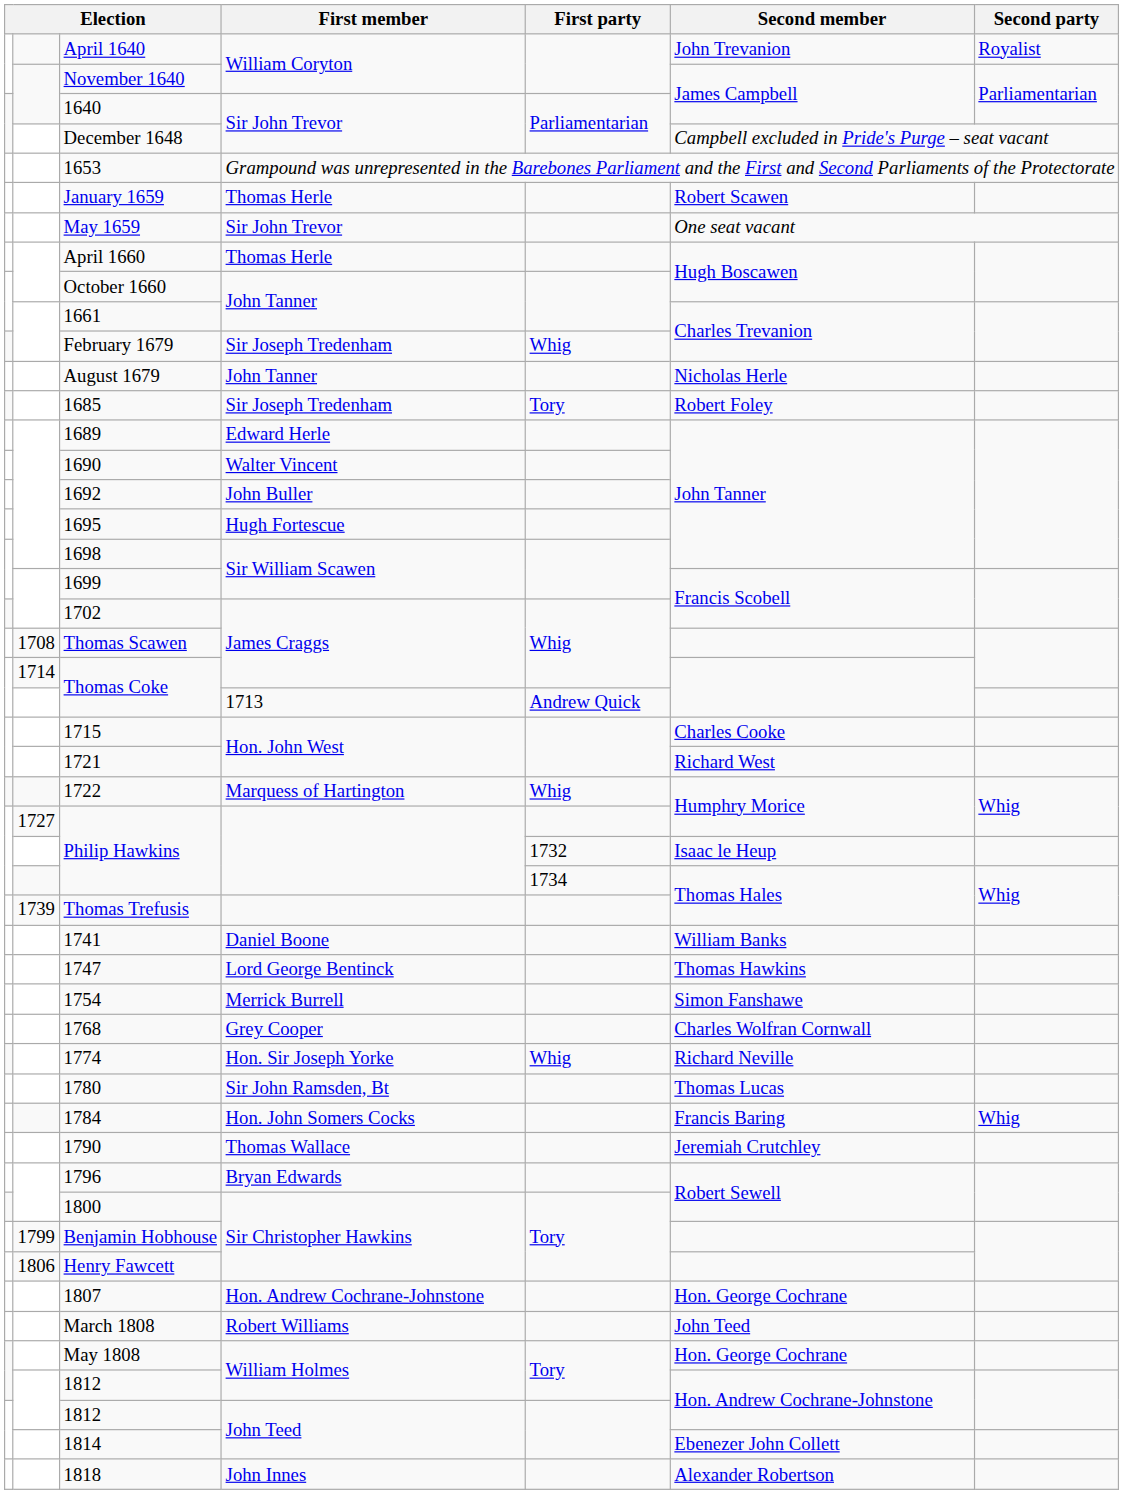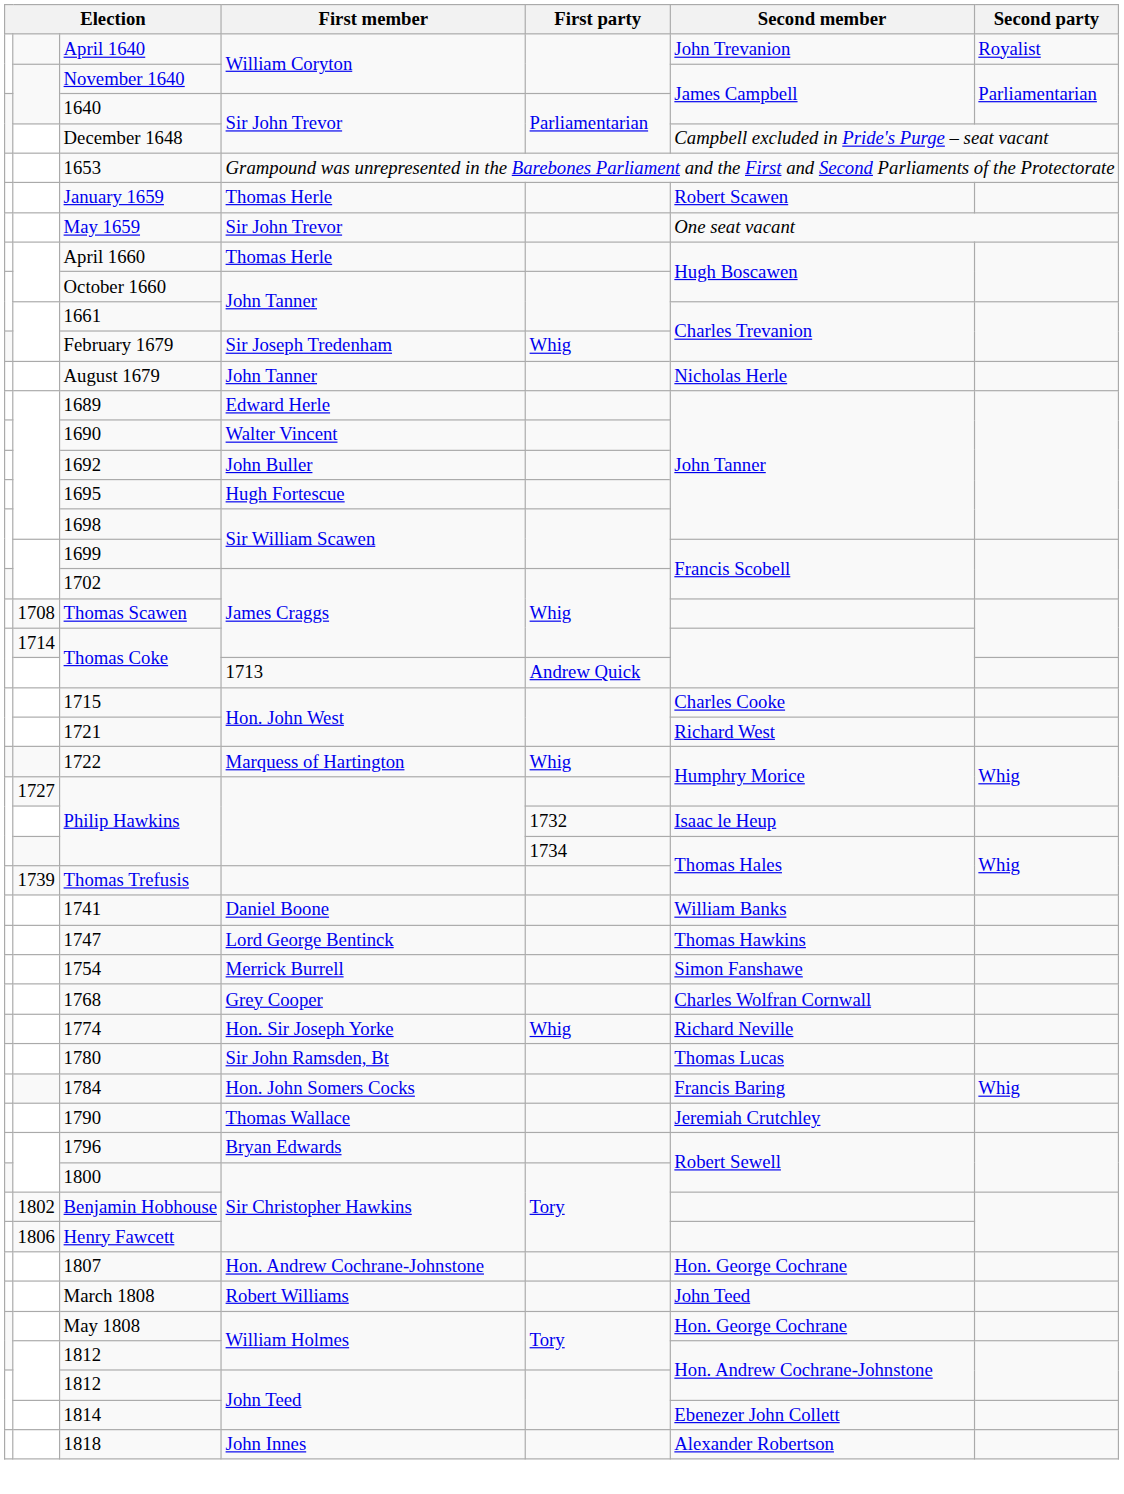 <table class="wikitable">
 <tr>
 <th colspan="3">Election</th>
 <th>First member</th>
 <th>First party</th>
 <th>Second member</th>
 <th>Second party</th>
 </tr>
 <tr>
 <td rowspan="2" style="color:inherit;background-color: white"></td>
 <td style="color:inherit;background-color: "></td>
 <td><a href='#'>April 1640</a></td>
 <td rowspan="2"><a href='#'>William Coryton</a></td>
 <td rowspan="2"></td>
 <td><a href='#'>John Trevanion</a></td>
 <td><a href='#'>Royalist</a></td>
 </tr>
 <tr>
 <td rowspan="2" style="color:inherit;background-color: "></td>
 <td><a href='#'>November 1640</a></td>
 <td rowspan="2"><a href='#'>James Campbell</a></td>
 <td rowspan="2"><a href='#'>Parliamentarian</a></td>
 </tr>
 <tr>
 <td rowspan="2" style="color:inherit;background-color: "></td>
 <td>1640</td>
 <td rowspan="2"><a href='#'>Sir John Trevor</a></td>
 <td rowspan="2"><a href='#'>Parliamentarian</a></td>
 </tr>
 <tr>
 <td style="color:inherit;background-color: white"></td>
 <td>December 1648</td>
 <td colspan="2"><em>Campbell excluded in <a href='#'>Pride's Purge</a> – seat vacant</em></td>
 </tr>
 <tr>
 <td style="color:inherit;background-color: white"></td>
 <td style="color:inherit;background-color: white"></td>
 <td>1653</td>
 <td colspan="4"><em>Grampound was unrepresented in the <a href='#'>Barebones Parliament</a> and the <a href='#'>First</a> and <a href='#'>Second</a> Parliaments of the Protectorate</em></td>
 </tr>
 <tr>
 <td style="color:inherit;background-color: white"></td>
 <td style="color:inherit;background-color: white"></td>
 <td><a href='#'>January 1659</a></td>
 <td><a href='#'>Thomas Herle</a></td>
 <td></td>
 <td><a href='#'>Robert Scawen</a></td>
 <td></td>
 </tr>
 <tr>
 <td style="color:inherit;background-color: white"></td>
 <td style="color:inherit;background-color: white"></td>
 <td><a href='#'>May 1659</a></td>
 <td><a href='#'>Sir John Trevor</a></td>
 <td></td>
 <td colspan="2"><em>One seat vacant</em></td>
 </tr>
 <tr>
 <td style="color:inherit;background-color: white"></td>
 <td style="color:inherit;background-color: white" rowspan="2"></td>
 <td>April 1660</td>
 <td><a href='#'>Thomas Herle</a></td>
 <td></td>
 <td rowspan="2"><a href='#'>Hugh Boscawen</a></td>
 <td rowspan="2"></td>
 </tr>
 <tr>
 <td style="color:inherit;background-color: white" rowspan="2"></td>
 <td>October 1660</td>
 <td rowspan="2"><a href='#'>John Tanner</a></td>
 <td rowspan="2"></td>
 </tr>
 <tr>
 <td style="color:inherit;background-color: white" rowspan="2"></td>
 <td>1661</td>
 <td rowspan="2"><a href='#'>Charles Trevanion</a></td>
 <td rowspan="2"></td>
 </tr>
 <tr>
 <td style="color:inherit;background-color: "></td>
 <td>February 1679</td>
 <td><a href='#'>Sir Joseph Tredenham</a></td>
 <td><a href='#'>Whig</a></td>
 </tr>
 <tr>
 <td style="color:inherit;background-color: white"></td>
 <td style="color:inherit;background-color: white"></td>
 <td>August 1679</td>
 <td><a href='#'>John Tanner</a></td>
 <td></td>
 <td><a href='#'>Nicholas Herle</a></td>
-<td></td>
-</tr>
-<tr>
-<td style="color:inherit;background-color: "></td>
-<td style="color:inherit;background-color: white"></td>
-<td>1685</td>
-<td><a href='#'>Sir Joseph Tredenham</a></td>
-<td><a href='#'>Tory</a></td>
-<td><a href='#'>Robert Foley</a></td>
 <td></td>
 </tr>
 <tr>
 <td style="color:inherit;background-color: white"></td>
 <td style="color:inherit;background-color: white" rowspan="5"></td>
 <td>1689</td>
 <td><a href='#'>Edward Herle</a></td>
 <td></td>
 <td rowspan="5"><a href='#'>John Tanner</a></td>
 <td rowspan="5"></td>
 </tr>
 <tr>
 <td style="color:inherit;background-color: white"></td>
 <td>1690</td>
 <td><a href='#'>Walter Vincent</a></td>
 <td></td>
 </tr>
 <tr>
 <td style="color:inherit;background-color: white"></td>
 <td>1692</td>
 <td><a href='#'>John Buller</a></td>
 <td></td>
 </tr>
 <tr>
 <td style="color:inherit;background-color: white"></td>
 <td>1695</td>
 <td><a href='#'>Hugh Fortescue</a></td>
 <td></td>
 </tr>
 <tr>
 <td style="color:inherit;background-color: white" rowspan="2"></td>
 <td>1698</td>
 <td rowspan="2"><a href='#'>Sir William Scawen</a></td>
 <td rowspan="2"></td>
 </tr>
 <tr>
 <td style="color:inherit;background-color: white" rowspan="2"></td>
 <td>1699</td>
 <td rowspan="2"><a href='#'>Francis Scobell</a></td>
 <td rowspan="2"></td>
 </tr>
 <tr>
 <td style="color:inherit;background-color: "></td>
 <td>1702</td>
 <td rowspan="3"><a href='#'>James Craggs</a></td>
 <td rowspan="3"><a href='#'>Whig</a></td>
 </tr>
 <tr>
 <td style="color:inherit;background-color: white"></td>
 <td>1708</td>
 <td><a href='#'>Thomas Scawen</a></td>
 <td></td>
 </tr>
 <tr>
 <td style="color:inherit;background-color: white" rowspan="2"></td>
 <td>1714</td>
 <td rowspan="2"><a href='#'>Thomas Coke</a></td>
 <td rowspan="2"></td>
 </tr>
 <tr>
 <td style="color:inherit;background-color: white"></td>
 <td>1713</td>
 <td><a href='#'>Andrew Quick</a></td>
 <td></td>
 </tr>
 <tr>
 <td style="color:inherit;background-color: white" rowspan="2"></td>
 <td style="color:inherit;background-color: white"></td>
 <td>1715</td>
 <td rowspan="2"><a href='#'>Hon. John West</a></td>
 <td rowspan="2"></td>
 <td><a href='#'>Charles Cooke</a></td>
 <td></td>
 </tr>
 <tr>
 <td style="color:inherit;background-color: white"></td>
 <td>1721</td>
 <td><a href='#'>Richard West</a></td>
 <td></td>
 </tr>
 <tr>
 <td style="color:inherit;background-color: "></td>
 <td style="color:inherit;background-color: "></td>
 <td>1722</td>
 <td><a href='#'>Marquess of Hartington</a></td>
 <td><a href='#'>Whig</a></td>
 <td rowspan="2"><a href='#'>Humphry Morice</a></td>
 <td rowspan="2"><a href='#'>Whig</a></td>
 </tr>
 <tr>
 <td style="color:inherit;background-color: white" rowspan="3"></td>
 <td>1727</td>
 <td rowspan="3"><a href='#'>Philip Hawkins</a></td>
 <td rowspan="3"></td>
 </tr>
 <tr>
 <td style="color:inherit;background-color: white"></td>
 <td>1732</td>
 <td><a href='#'>Isaac le Heup</a></td>
 <td></td>
 </tr>
 <tr>
 <td style="color:inherit;background-color: "></td>
 <td>1734</td>
 <td rowspan="2"><a href='#'>Thomas Hales</a></td>
 <td rowspan="2"><a href='#'>Whig</a></td>
 </tr>
 <tr>
 <td style="color:inherit;background-color: white"></td>
 <td>1739</td>
 <td><a href='#'>Thomas Trefusis</a></td>
 <td></td>
 </tr>
 <tr>
 <td style="color:inherit;background-color: white"></td>
 <td style="color:inherit;background-color: white"></td>
 <td>1741</td>
 <td><a href='#'>Daniel Boone</a></td>
 <td></td>
 <td><a href='#'>William Banks</a></td>
 <td></td>
 </tr>
 <tr>
 <td style="color:inherit;background-color: white"></td>
 <td style="color:inherit;background-color: white"></td>
 <td>1747</td>
 <td><a href='#'>Lord George Bentinck</a></td>
 <td></td>
 <td><a href='#'>Thomas Hawkins</a></td>
 <td></td>
 </tr>
 <tr>
 <td style="color:inherit;background-color: white"></td>
 <td style="color:inherit;background-color: white"></td>
 <td>1754</td>
 <td><a href='#'>Merrick Burrell</a></td>
 <td></td>
 <td><a href='#'>Simon Fanshawe</a></td>
 <td></td>
 </tr>
 <tr>
 <td style="color:inherit;background-color: white"></td>
 <td style="color:inherit;background-color: white"></td>
 <td>1768</td>
 <td><a href='#'>Grey Cooper</a></td>
 <td></td>
 <td><a href='#'>Charles Wolfran Cornwall</a></td>
 <td></td>
 </tr>
 <tr>
 <td style="color:inherit;background-color: "></td>
 <td style="color:inherit;background-color: white"></td>
 <td>1774</td>
 <td><a href='#'>Hon. Sir Joseph Yorke</a></td>
 <td><a href='#'>Whig</a></td>
 <td><a href='#'>Richard Neville</a></td>
 <td></td>
 </tr>
 <tr>
 <td style="color:inherit;background-color: white"></td>
 <td style="color:inherit;background-color: white"></td>
 <td>1780</td>
 <td><a href='#'>Sir John Ramsden, Bt</a></td>
 <td></td>
 <td><a href='#'>Thomas Lucas</a></td>
 <td></td>
 </tr>
 <tr>
 <td style="color:inherit;background-color: white"></td>
 <td style="color:inherit;background-color: "></td>
 <td>1784</td>
 <td><a href='#'>Hon. John Somers Cocks</a></td>
 <td></td>
 <td><a href='#'>Francis Baring</a></td>
 <td><a href='#'>Whig</a></td>
 </tr>
 <tr>
 <td style="color:inherit;background-color: white"></td>
 <td style="color:inherit;background-color: white"></td>
 <td>1790</td>
 <td><a href='#'>Thomas Wallace</a></td>
 <td></td>
 <td><a href='#'>Jeremiah Crutchley</a></td>
 <td></td>
 </tr>
 <tr>
 <td style="color:inherit;background-color: white"></td>
 <td style="color:inherit;background-color: white" rowspan="2"></td>
 <td>1796</td>
 <td><a href='#'>Bryan Edwards</a></td>
 <td></td>
 <td rowspan="2"><a href='#'>Robert Sewell</a></td>
 <td rowspan="2"></td>
 </tr>
 <tr>
 <td style="color:inherit;background-color: "></td>
 <td>1800</td>
 <td rowspan="3"><a href='#'>Sir Christopher Hawkins</a></td>
 <td rowspan="3"><a href='#'>Tory</a></td>
 </tr>
 <tr>
 <td style="color:inherit;background-color: white"></td>
-<td>1799</td>
+<td>1802</td>
 <td><a href='#'>Benjamin Hobhouse</a></td>
 <td></td>
 </tr>
 <tr>
 <td style="color:inherit;background-color: white"></td>
 <td>1806</td>
 <td><a href='#'>Henry Fawcett</a></td>
 <td></td>
 </tr>
 <tr>
 <td style="color:inherit;background-color: white"></td>
 <td style="color:inherit;background-color: white"></td>
 <td>1807</td>
 <td><a href='#'>Hon. Andrew Cochrane-Johnstone</a></td>
 <td></td>
 <td><a href='#'>Hon. George Cochrane</a></td>
 <td></td>
 </tr>
 <tr>
 <td style="color:inherit;background-color: white"></td>
 <td style="color:inherit;background-color: white"></td>
 <td>March 1808</td>
 <td><a href='#'>Robert Williams</a></td>
 <td></td>
 <td><a href='#'>John Teed</a></td>
 <td></td>
 </tr>
 <tr>
 <td rowspan="2" style="color:inherit;background-color: "></td>
 <td style="color:inherit;background-color: white"></td>
 <td>May 1808</td>
 <td rowspan="2"><a href='#'>William Holmes</a></td>
 <td rowspan="2"><a href='#'>Tory</a></td>
 <td><a href='#'>Hon. George Cochrane</a></td>
 <td></td>
 </tr>
 <tr>
 <td style="color:inherit;background-color: white" rowspan="2"></td>
 <td>1812</td>
 <td rowspan="2"><a href='#'>Hon. Andrew Cochrane-Johnstone</a></td>
 <td rowspan="2"></td>
 </tr>
 <tr>
 <td style="color:inherit;background-color: white" rowspan="2"></td>
 <td>1812</td>
 <td rowspan="2"><a href='#'>John Teed</a></td>
 <td rowspan="2"></td>
 </tr>
 <tr>
 <td style="color:inherit;background-color: white"></td>
 <td>1814</td>
 <td><a href='#'>Ebenezer John Collett</a></td>
 <td></td>
 </tr>
 <tr>
 <td style="color:inherit;background-color: white"></td>
 <td style="color:inherit;background-color: white"></td>
 <td>1818</td>
 <td><a href='#'>John Innes</a></td>
 <td></td>
 <td><a href='#'>Alexander Robertson</a></td>
 <td></td>
 </tr>
 </table>
